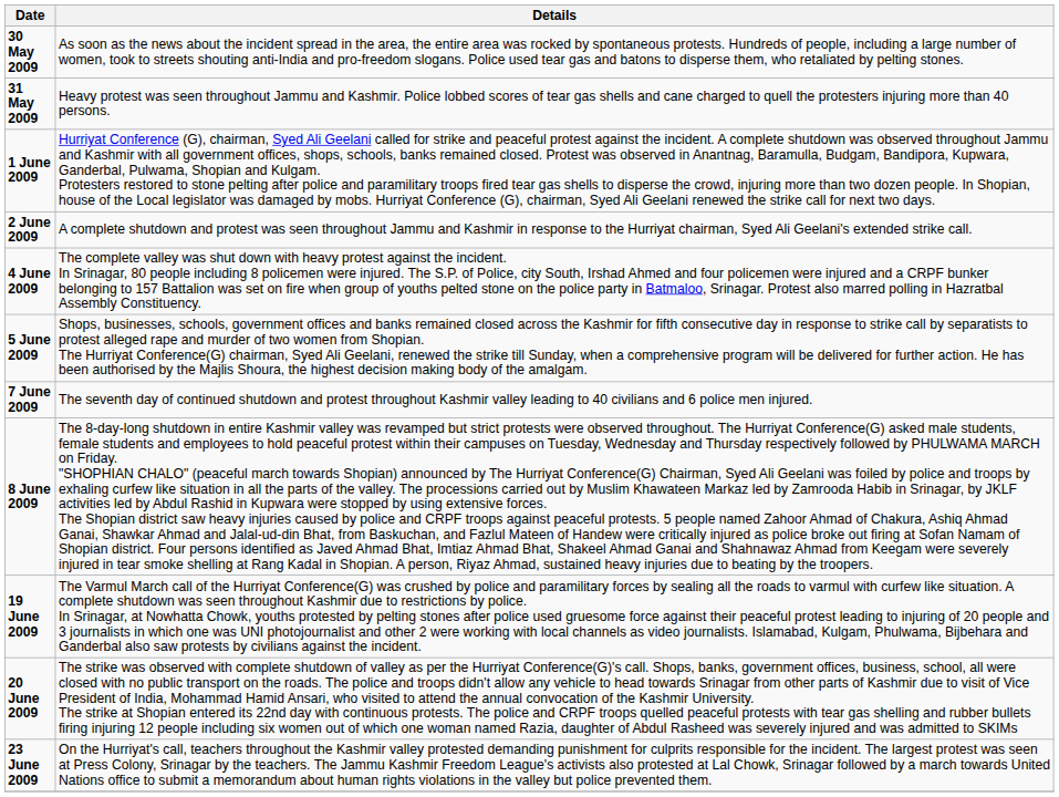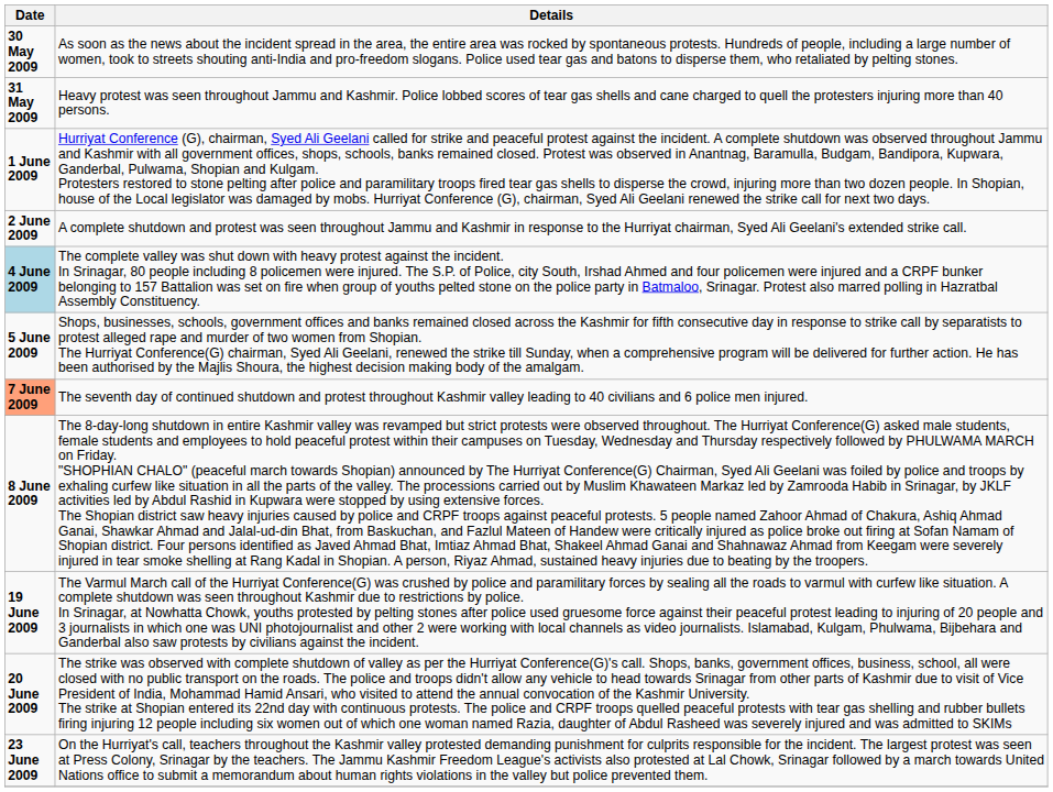 <table class="wikitable">
 <tr>
 <th>Date</th>
 <th>Details</th>
 </tr>
 <tr>
 <td><strong>30 May 2009</strong></td>
 <td>As soon as the news about the incident spread in the area, the entire area was rocked by spontaneous protests. Hundreds of people, including a large number of women, took to streets shouting anti-India and pro-freedom slogans. Police used tear gas and batons to disperse them, who retaliated by pelting stones.</td>
 </tr>
 <tr>
 <td><strong>31 May 2009</strong></td>
 <td>Heavy protest was seen throughout Jammu and Kashmir. Police lobbed scores of tear gas shells and cane charged to quell the protesters injuring more than 40 persons.</td>
 </tr>
 <tr>
 <td><strong>1 June 2009</strong></td>
 <td><a href='#'>Hurriyat Conference</a> (G), chairman, <a href='#'>Syed Ali Geelani</a> called for strike and peaceful protest against the incident. A complete shutdown was observed throughout Jammu and Kashmir with all government offices, shops, schools, banks remained closed. Protest was observed in Anantnag, Baramulla, Budgam, Bandipora, Kupwara, Ganderbal, Pulwama, Shopian and Kulgam.<br>Protesters restored to stone pelting after police and paramilitary troops fired tear gas shells to disperse the crowd, injuring more than two dozen people. In Shopian, house of the Local legislator was damaged by mobs. Hurriyat Conference (G), chairman, Syed Ali Geelani renewed the strike call for next two days.</td>
 </tr>
 <tr>
 <td><strong>2 June 2009</strong></td>
 <td>A complete shutdown and protest was seen throughout Jammu and Kashmir in response to the Hurriyat chairman, Syed Ali Geelani's extended strike call.</td>
 </tr>
 <tr>
-<td><strong>4 June 2009</strong></td>
+<td style="background: lightblue;"><strong>4 June 2009</strong></td>
 <td>The complete valley was shut down with heavy protest against the incident.<br>In Srinagar, 80 people including 8 policemen were injured. The S.P. of Police, city South, Irshad Ahmed and four policemen were injured and a CRPF bunker belonging to 157 Battalion was set on fire when group of youths pelted stone on the police party in <a href='#'>Batmaloo</a>, Srinagar. Protest also marred polling in Hazratbal Assembly Constituency.</td>
 </tr>
 <tr>
 <td><strong>5 June 2009</strong></td>
 <td>Shops, businesses, schools, government offices and banks remained closed across the Kashmir for fifth consecutive day in response to strike call by separatists to protest alleged rape and murder of two women from Shopian.<br>The Hurriyat Conference(G) chairman, Syed Ali Geelani, renewed the strike till Sunday, when a comprehensive program will be delivered for further action. He has been authorised by the Majlis Shoura, the highest decision making body of the amalgam.</td>
 </tr>
 <tr>
-<td><strong>7 June 2009</strong></td>
+<td style="background: lightsalmon;"><strong>7 June 2009</strong></td>
 <td>The seventh day of continued shutdown and protest throughout Kashmir valley leading to 40 civilians and 6 police men injured.</td>
 </tr>
 <tr>
 <td><strong>8 June 2009</strong></td>
 <td>The 8-day-long shutdown in entire Kashmir valley was revamped but strict protests were observed throughout. The Hurriyat Conference(G) asked male students, female students and employees to hold peaceful protest within their campuses on Tuesday, Wednesday and Thursday respectively followed by PHULWAMA MARCH on Friday.<br>"SHOPHIAN CHALO" (peaceful march towards Shopian) announced by The Hurriyat Conference(G) Chairman, Syed Ali Geelani was foiled by police and troops by exhaling curfew like situation in all the parts of the valley. The processions carried out by Muslim Khawateen Markaz led by Zamrooda Habib in Srinagar, by JKLF activities led by Abdul Rashid in Kupwara were stopped by using extensive forces.<br>The Shopian district saw heavy injuries caused by police and CRPF troops against peaceful protests. 5 people named Zahoor Ahmad of Chakura, Ashiq Ahmad Ganai, Shawkar Ahmad and Jalal-ud-din Bhat, from Baskuchan, and Fazlul Mateen of Handew were critically injured as police broke out firing at Sofan Namam of Shopian district. Four persons identified as Javed Ahmad Bhat, Imtiaz Ahmad Bhat, Shakeel Ahmad Ganai and Shahnawaz Ahmad from Keegam were severely injured in tear smoke shelling at Rang Kadal in Shopian. A person, Riyaz Ahmad, sustained heavy injuries due to beating by the troopers.</td>
 </tr>
 <tr>
 <td><strong>19 June 2009</strong></td>
 <td>The Varmul March call of the Hurriyat Conference(G) was crushed by police and paramilitary forces by sealing all the roads to varmul with curfew like situation. A complete shutdown was seen throughout Kashmir due to restrictions by police.<br>In Srinagar, at Nowhatta Chowk, youths protested by pelting stones after police used gruesome force against their peaceful protest leading to injuring of 20 people and 3 journalists in which one was UNI photojournalist and other 2 were working with local channels as video journalists. Islamabad, Kulgam, Phulwama, Bijbehara and Ganderbal also saw protests by civilians against the incident.</td>
 </tr>
 <tr>
 <td><strong>20 June 2009</strong></td>
 <td>The strike was observed with complete shutdown of valley as per the Hurriyat Conference(G)'s call. Shops, banks, government offices, business, school, all were closed with no public transport on the roads. The police and troops didn't allow any vehicle to head towards Srinagar from other parts of Kashmir due to visit of Vice President of India, Mohammad Hamid Ansari, who visited to attend the annual convocation of the Kashmir University.<br>The strike at Shopian entered its 22nd day with continuous protests. The police and CRPF troops quelled peaceful protests with tear gas shelling and rubber bullets firing injuring 12 people including six women out of which one woman named Razia, daughter of Abdul Rasheed was severely injured and was admitted to SKIMs </td>
 </tr>
 <tr>
 <td><strong>23 June 2009</strong></td>
 <td>On the Hurriyat's call, teachers throughout the Kashmir valley protested demanding punishment for culprits responsible for the incident. The largest protest was seen at Press Colony, Srinagar by the teachers. The Jammu Kashmir Freedom League's activists also protested at Lal Chowk, Srinagar followed by a march towards United Nations office to submit a memorandum about human rights violations in the valley but police prevented them.</td>
 </tr>
 <tr>
 </tr>
 </table>
